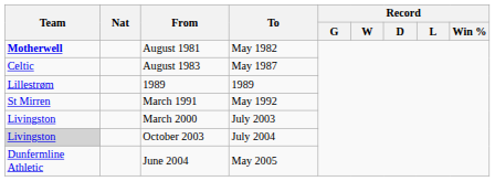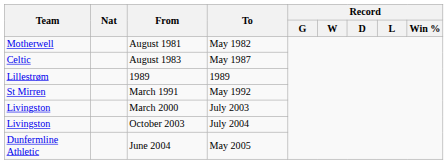 <table class="wikitable" style="text-align: center">
 <tr>
 <th rowspan="2!" style="width:130px;">Team</th>
 <th rowspan="2!" style="width:50px;">Nat</th>
 <th rowspan="2!" style="width:120px;">From</th>
 <th rowspan="2!" style="width:120px;">To</th>
 <th colspan=6>Record</th>
 </tr>
 <tr>
 <th width=40>G</th>
 <th width=40>W</th>
 <th width=40>D</th>
 <th width=40>L</th>
 <th width=50>Win %</th>
 </tr>
 <tr>
-<td align=left><strong><a href='#'>Motherwell</a></strong></td>
+<td align=left><a href='#'>Motherwell</a></td>
 <td></td>
 <td align=left>August 1981</td>
 <td align=left>May 1982<br></td>
 </tr>
 <tr>
 <td align=left><a href='#'>Celtic</a></td>
 <td></td>
 <td align=left>August 1983</td>
 <td align=left>May 1987<br></td>
 </tr>
 <tr>
 <td align=left><a href='#'>Lillestrøm</a></td>
 <td></td>
 <td align=left>1989</td>
 <td align=left>1989<br></td>
 </tr>
 <tr>
 <td align=left><a href='#'>St Mirren</a></td>
 <td></td>
 <td align=left>March 1991</td>
 <td align=left>May 1992<br></td>
 </tr>
 <tr>
 <td align=left><a href='#'>Livingston</a></td>
 <td></td>
 <td align=left>March 2000</td>
 <td align=left>July 2003<br></td>
 </tr>
 <tr>
-<td align=left style="background: lightgrey;"><a href='#'>Livingston</a></td>
+<td align=left><a href='#'>Livingston</a></td>
 <td></td>
 <td align=left>October 2003</td>
 <td align=left>July 2004<br></td>
 </tr>
 <tr>
 <td align=left><a href='#'>Dunfermline Athletic</a></td>
 <td></td>
 <td align=left>June 2004</td>
 <td align=left>May 2005<br></td>
 </tr>
 </table>
